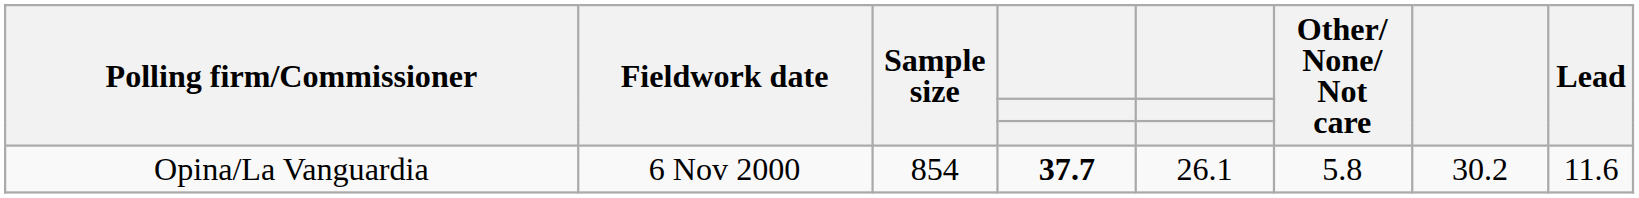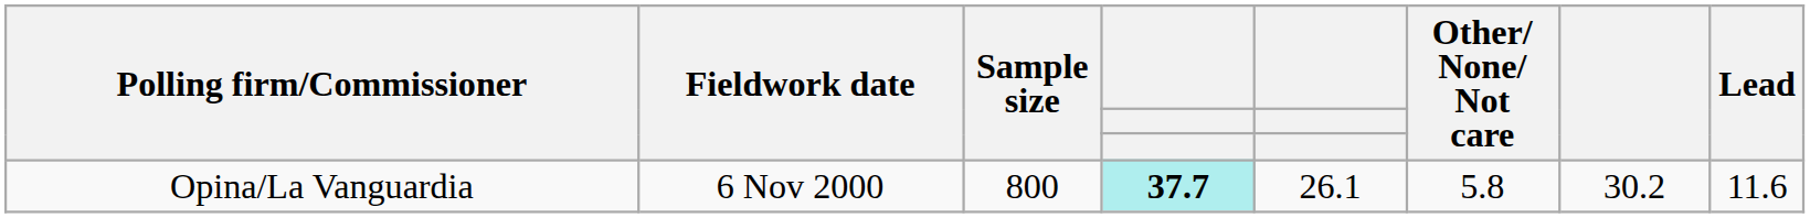 <table class="wikitable collapsible collapsed" style="text-align:center; font-size:90%; line-height:14px;">
 <tr style="height:42px;">
 <th style="width:250px;" rowspan="3">Polling firm/Commissioner</th>
 <th style="width:125px;" rowspan="3">Fieldwork date</th>
 <th style="width:50px;" rowspan="3">Sample size</th>
 <th style="width:55px;"></th>
 <th style="width:55px;"></th>
 <th style="width:55px;" rowspan="3">Other/<br>None/<br>Not<br>care</th>
 <th style="width:55px;" rowspan="3"></th>
 <th style="width:30px;" rowspan="3">Lead</th>
 </tr>
 <tr>
 <th style="color:inherit;background:"></th>
 <th style="color:inherit;background:"></th>
 </tr>
 <tr>
 <th></th>
 <th></th>
 </tr>
 <tr>
 <td>Opina/La Vanguardia</td>
 <td>6 Nov 2000</td>
-<td>854</td>
-<td><strong>37.7</strong></td>
+<td>800</td>
+<td style="background: paleturquoise;"><strong>37.7</strong></td>
 <td>26.1</td>
 <td>5.8</td>
 <td>30.2</td>
 <td style="background:">11.6</td>
 </tr>
 </table>
